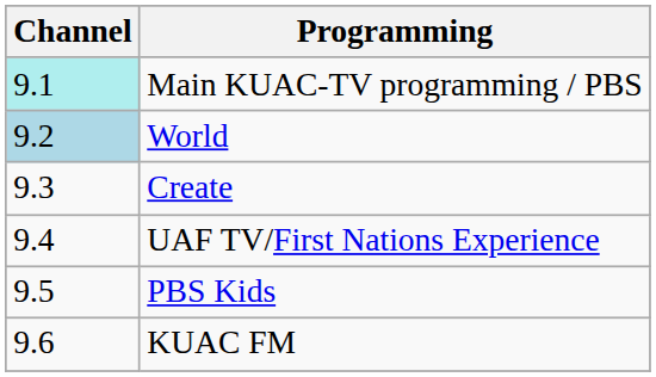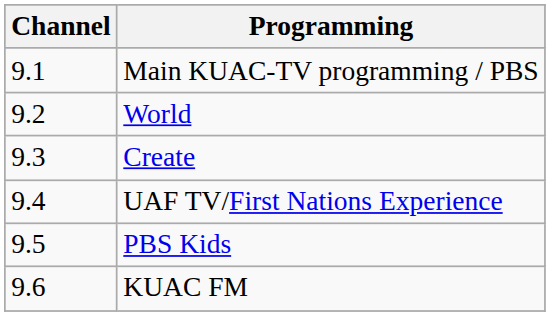 <table class="wikitable">
 <tr>
 <th>Channel</th>
 <th>Programming</th>
 </tr>
 <tr>
-<td style="background: paleturquoise;">9.1</td>
+<td>9.1</td>
 <td>Main KUAC-TV programming / PBS</td>
 </tr>
 <tr>
-<td style="background: lightblue;">9.2</td>
+<td>9.2</td>
 <td><a href='#'>World</a></td>
 </tr>
 <tr>
 <td>9.3</td>
 <td><a href='#'>Create</a></td>
 </tr>
 <tr>
 <td>9.4</td>
 <td>UAF TV/<a href='#'>First Nations Experience</a></td>
 </tr>
 <tr>
 <td>9.5</td>
 <td><a href='#'>PBS Kids</a></td>
 </tr>
 <tr>
 <td>9.6</td>
 <td>KUAC FM</td>
 </tr>
 </table>
